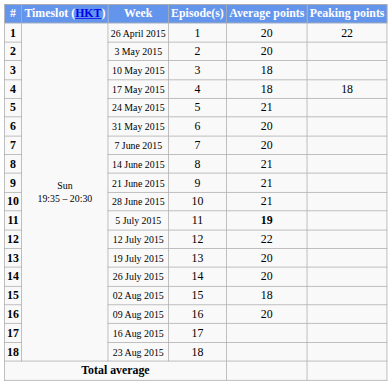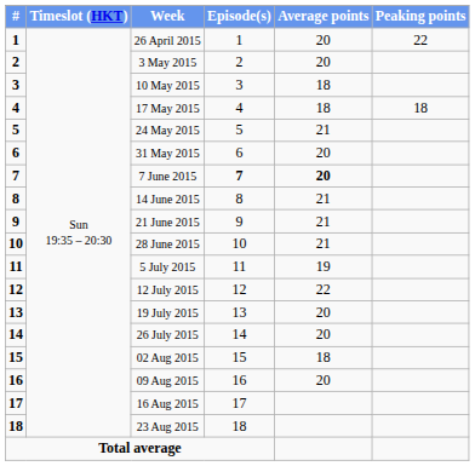 <table class="wikitable collapsible collapsed" style="text-align:center;">
 <tr style="background:cornflowerblue; color:white" align="center">
 </tr>
 <tr>
 <th style="background:cornflowerblue; color:white" align="center">#</th>
 <th style="background:cornflowerblue; color:white" align="center">Timeslot (<a href='#'>HKT</a>)</th>
 <th style="background:cornflowerblue; color:white" align="center">Week</th>
 <th style="background:cornflowerblue; color:white" align="center">Episode(s)</th>
 <th style="background:cornflowerblue; color:white" align="center">Average points</th>
 <th style="background:cornflowerblue; color:white" align="center">Peaking points</th>
 </tr>
 <tr>
 <td><strong>1</strong></td>
 <td rowspan="18"><small>Sun<br> 19:35 – 20:30</small></td>
 <td><small>26 April 2015</small></td>
 <td>1</td>
 <td>20</td>
 <td>22</td>
 </tr>
 <tr>
 <td><strong>2</strong></td>
 <td><small>3 May 2015</small></td>
 <td>2</td>
 <td>20</td>
 <td></td>
 </tr>
 <tr>
 <td><strong>3</strong></td>
 <td><small>10 May 2015</small></td>
 <td>3</td>
 <td>18</td>
 <td></td>
 </tr>
 <tr>
 <td><strong>4</strong></td>
 <td><small>17 May 2015</small></td>
 <td>4</td>
 <td>18</td>
 <td>18</td>
 </tr>
 <tr>
 <td><strong>5</strong></td>
 <td><small>24 May 2015</small></td>
 <td>5</td>
 <td>21</td>
 <td></td>
 </tr>
 <tr>
 <td><strong>6</strong></td>
 <td><small>31 May 2015</small></td>
 <td>6</td>
 <td>20</td>
 <td></td>
 </tr>
 <tr>
 <td><strong>7</strong></td>
 <td><small>7 June 2015</small></td>
-<td>7</td>
-<td>20</td>
+<td><strong>7</strong></td>
+<td><strong>20</strong></td>
 <td></td>
 </tr>
 <tr>
 <td><strong>8</strong></td>
 <td><small>14 June 2015</small></td>
 <td>8</td>
 <td>21</td>
 <td></td>
 </tr>
 <tr>
 <td><strong>9</strong></td>
 <td><small>21 June 2015</small></td>
 <td>9</td>
 <td>21</td>
 <td></td>
 </tr>
 <tr>
 <td><strong>10</strong></td>
 <td><small>28 June 2015</small></td>
 <td>10</td>
 <td>21</td>
 <td></td>
 </tr>
 <tr>
 <td><strong>11</strong></td>
 <td><small>5 July 2015</small></td>
 <td>11</td>
-<td><strong>19</strong></td>
+<td>19</td>
 <td></td>
 </tr>
 <tr>
 <td><strong>12</strong></td>
 <td><small>12 July 2015</small></td>
 <td>12</td>
 <td>22</td>
 <td></td>
 </tr>
 <tr>
 <td><strong>13</strong></td>
 <td><small>19 July 2015</small></td>
 <td>13</td>
 <td>20</td>
 <td></td>
 </tr>
 <tr>
 <td><strong>14</strong></td>
 <td><small>26 July 2015</small></td>
 <td>14</td>
 <td>20</td>
 <td></td>
 </tr>
 <tr>
 <td><strong>15</strong></td>
 <td><small>02 Aug 2015</small></td>
 <td>15</td>
 <td>18</td>
 <td></td>
 </tr>
 <tr>
 <td><strong>16</strong></td>
 <td><small>09 Aug 2015</small></td>
 <td>16</td>
 <td>20</td>
 <td></td>
 </tr>
 <tr>
 <td><strong>17</strong></td>
 <td><small>16 Aug 2015</small></td>
 <td>17</td>
 <td></td>
 <td></td>
 </tr>
 <tr>
 <td><strong>18</strong></td>
 <td><small>23 Aug 2015</small></td>
 <td>18</td>
 <td></td>
 <td></td>
 </tr>
 <tr>
 <td colspan="4"><strong>Total average</strong></td>
 <td></td>
 <td></td>
 </tr>
 </table>
